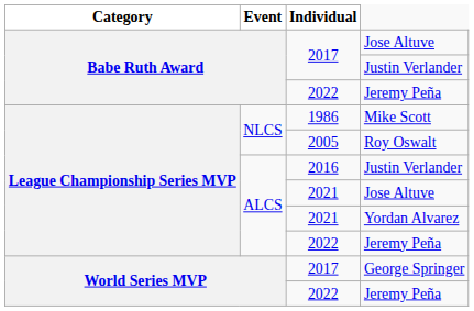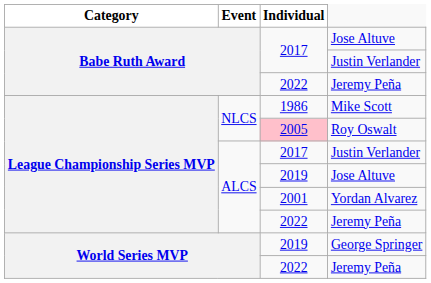 <table class="wikitable sortable plainrowheaders" style="font-size: 95%; text-align:left; margin-left: auto; margin-right: auto; border: none;">
 <tr>
 <th scope="col" style="background-color:#ffffff; border-top:#">Category</th>
 <th scope="col" style="background-color:#ffffff; border-top:#">Event</th>
 <th scope="col" style="background-color:#ffffff; border-top:#">Individual</th>
 </tr>
 <tr>
 <th scope="row" colspan="2" rowspan="3"><strong><a href='#'>Babe Ruth Award</a></strong></th>
 <td rowspan="2" style="text-align:center"><a href='#'>2017</a></td>
 <td><a href='#'>Jose Altuve</a></td>
 </tr>
 <tr>
 <td><a href='#'>Justin Verlander</a></td>
 </tr>
 <tr>
 <td style="text-align:center"><a href='#'>2022</a></td>
 <td><a href='#'>Jeremy Peña</a></td>
 </tr>
 <tr>
 <th scope="row" rowspan="6"><strong><a href='#'>League Championship Series MVP</a></strong></th>
 <td rowspan="2"><a href='#'>NLCS</a></td>
 <td style="text-align:center"><a href='#'>1986</a></td>
 <td><a href='#'>Mike Scott</a></td>
 </tr>
 <tr>
-<td style="text-align:center"><a href='#'>2005</a></td>
+<td style="background: pink; text-align:center"><a href='#'>2005</a></td>
 <td><a href='#'>Roy Oswalt</a></td>
 </tr>
 <tr>
 <td rowspan="4"><a href='#'>ALCS</a></td>
-<td style="text-align:center"><a href='#'>2016</a></td>
+<td style="text-align:center"><a href='#'>2017</a></td>
 <td><a href='#'>Justin Verlander</a></td>
 </tr>
 <tr>
-<td style="text-align:center"><a href='#'>2021</a></td>
+<td style="text-align:center"><a href='#'>2019</a></td>
 <td><a href='#'>Jose Altuve</a></td>
 </tr>
 <tr>
-<td style="text-align:center"><a href='#'>2021</a></td>
+<td style="text-align:center"><a href='#'>2001</a></td>
 <td><a href='#'>Yordan Alvarez</a></td>
 </tr>
 <tr>
 <td style="text-align:center"><a href='#'>2022</a></td>
 <td><a href='#'>Jeremy Peña</a></td>
 </tr>
 <tr>
 <th scope="row" colspan="2" rowspan="2"><strong><a href='#'>World Series MVP</a></strong></th>
-<td style="text-align:center"><a href='#'>2017</a></td>
+<td style="text-align:center"><a href='#'>2019</a></td>
 <td><a href='#'>George Springer</a></td>
 </tr>
 <tr>
 <td style="text-align:center"><a href='#'>2022</a></td>
 <td><a href='#'>Jeremy Peña</a></td>
 </tr>
 <tr>
 </tr>
 </table>
